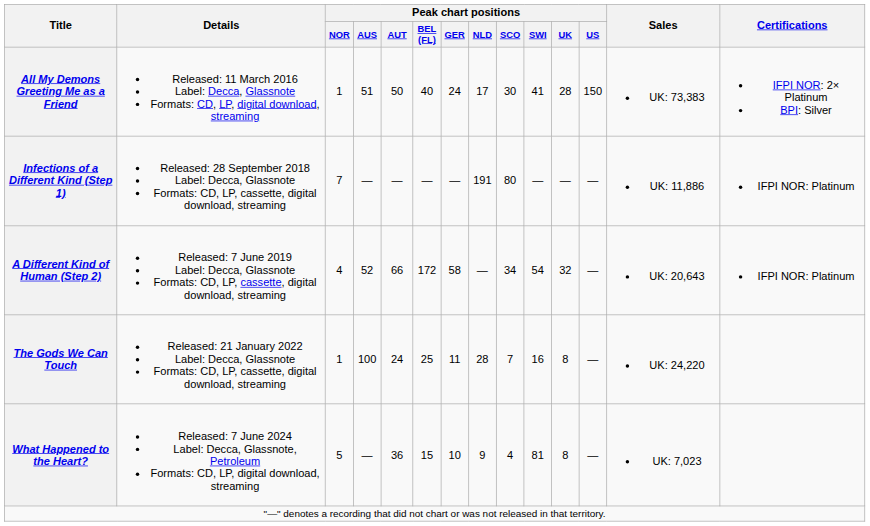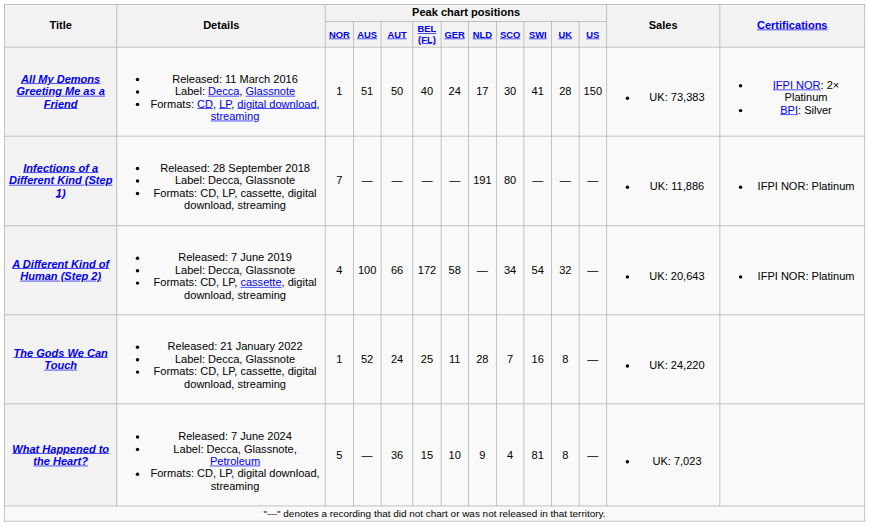 <table class="wikitable plainrowheaders" style="text-align:center;" border="1">
 <tr>
 <th scope="col" rowspan="2" style="width:10em;">Title</th>
 <th scope="col" rowspan="2" style="width:19em;">Details</th>
 <th scope="col" colspan="10">Peak chart positions</th>
 <th scope="col" rowspan="2" style="width:10em;">Sales</th>
 <th scope="col" rowspan="2" style="width:13em;"><a href='#'>Certifications</a></th>
 </tr>
 <tr>
 <th scope="col" style="width:2.5em;font-size:85%;"><a href='#'>NOR</a><br></th>
 <th scope="col" style="width:2.5em;font-size:85%;"><a href='#'>AUS</a><br></th>
 <th scope="col" style="width:3em;font-size:85%;"><a href='#'>AUT</a><br></th>
 <th scope="col" style="width:2.5em;font-size:85%;"><a href='#'>BEL<br>(FL)</a><br></th>
 <th scope="col" style="width:2.5em;font-size:85%;"><a href='#'>GER</a><br></th>
 <th scope="col" style="width:2.5em;font-size:85%;"><a href='#'>NLD</a><br></th>
 <th scope="col" style="width:2.5em;font-size:85%;"><a href='#'>SCO</a><br></th>
 <th scope="col" style="width:2.5em;font-size:85%;"><a href='#'>SWI</a><br></th>
 <th scope="col" style="width:2.5em;font-size:85%;"><a href='#'>UK</a><br></th>
 <th scope="col" style="width:2.5em;font-size:85%;"><a href='#'>US</a><br></th>
 </tr>
 <tr>
 <th scope="row"><em><a href='#'>All My Demons Greeting Me as a Friend</a></em></th>
 <td><br><ul><li>Released: 11 March 2016</li><li>Label: <a href='#'>Decca</a>, <a href='#'>Glassnote</a></li><li>Formats: <a href='#'>CD</a>, <a href='#'>LP</a>, <a href='#'>digital download</a>, <a href='#'>streaming</a></li></ul></td>
 <td>1</td>
 <td>51</td>
 <td>50</td>
 <td>40</td>
 <td>24</td>
 <td>17</td>
 <td>30</td>
 <td>41</td>
 <td>28</td>
 <td>150</td>
 <td><br><ul><li>UK: 73,383</li></ul></td>
 <td><br><ul><li><a href='#'>IFPI NOR</a>: 2× Platinum</li><li><a href='#'>BPI</a>: Silver</li></ul></td>
 </tr>
 <tr>
 <th scope="row"><em><a href='#'>Infections of a Different Kind (Step 1)</a></em></th>
 <td><br><ul><li>Released: 28 September 2018</li><li>Label: Decca, Glassnote</li><li>Formats: CD, LP, cassette, digital download, streaming</li></ul></td>
 <td>7</td>
 <td>—</td>
 <td>—</td>
 <td>—</td>
 <td>—</td>
 <td>191</td>
 <td>80</td>
 <td>—</td>
 <td>—</td>
 <td>—</td>
 <td><br><ul><li>UK: 11,886</li></ul></td>
 <td><br><ul><li>IFPI NOR: Platinum</li></ul></td>
 </tr>
 <tr>
 <th scope="row"><em><a href='#'>A Different Kind of Human (Step 2)</a></em></th>
 <td><br><ul><li>Released: 7 June 2019</li><li>Label: Decca, Glassnote</li><li>Formats: CD, LP, <a href='#'>cassette</a>, digital download, streaming</li></ul></td>
 <td>4</td>
-<td>52</td>
+<td>100</td>
 <td>66</td>
 <td>172</td>
 <td>58</td>
 <td>—</td>
 <td>34</td>
 <td>54</td>
 <td>32</td>
 <td>—</td>
 <td><br><ul><li>UK: 20,643</li></ul></td>
 <td><br><ul><li>IFPI NOR: Platinum</li></ul></td>
 </tr>
 <tr>
 <th scope="row"><em><a href='#'>The Gods We Can Touch</a></em></th>
 <td><br><ul><li>Released: 21 January 2022</li><li>Label: Decca, Glassnote</li><li>Formats: CD, LP, cassette, digital download, streaming</li></ul></td>
 <td>1</td>
-<td>100</td>
+<td>52</td>
 <td>24</td>
 <td>25</td>
 <td>11</td>
 <td>28</td>
 <td>7</td>
 <td>16</td>
 <td>8</td>
 <td>—</td>
 <td><br><ul><li>UK: 24,220</li></ul></td>
 <td></td>
 </tr>
 <tr>
 <th scope="row"><em><a href='#'>What Happened to the Heart?</a></em></th>
 <td><br><ul><li>Released: 7 June 2024</li><li>Label: Decca, Glassnote, <a href='#'>Petroleum</a></li><li>Formats: CD, LP, digital download, streaming</li></ul></td>
 <td>5<br></td>
 <td>—</td>
 <td>36</td>
 <td>15</td>
 <td>10</td>
 <td>9</td>
 <td>4</td>
 <td>81</td>
 <td>8</td>
 <td>—</td>
 <td><br><ul><li>UK: 7,023</li></ul></td>
 <td></td>
 </tr>
 <tr>
 <td colspan="14" style="font-size:90%;">"—" denotes a recording that did not chart or was not released in that territory.</td>
 </tr>
 </table>
